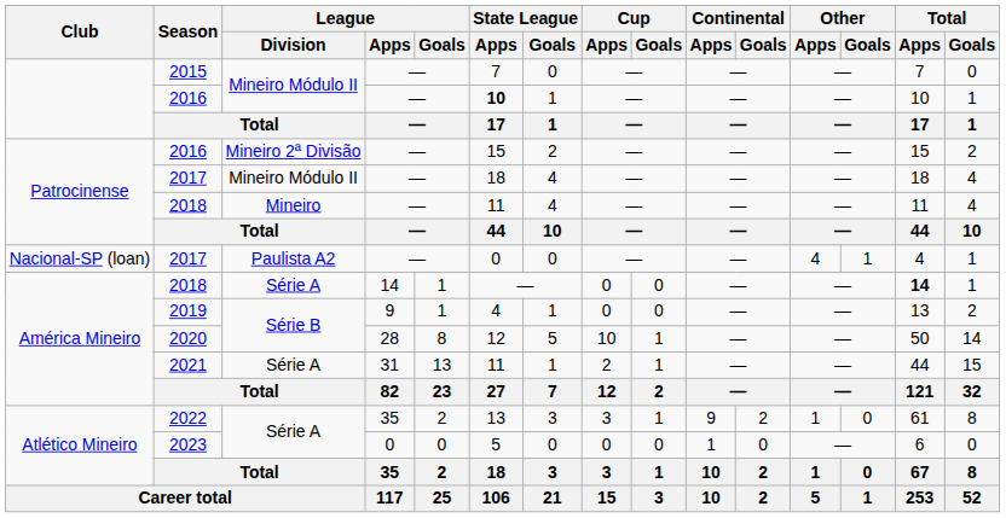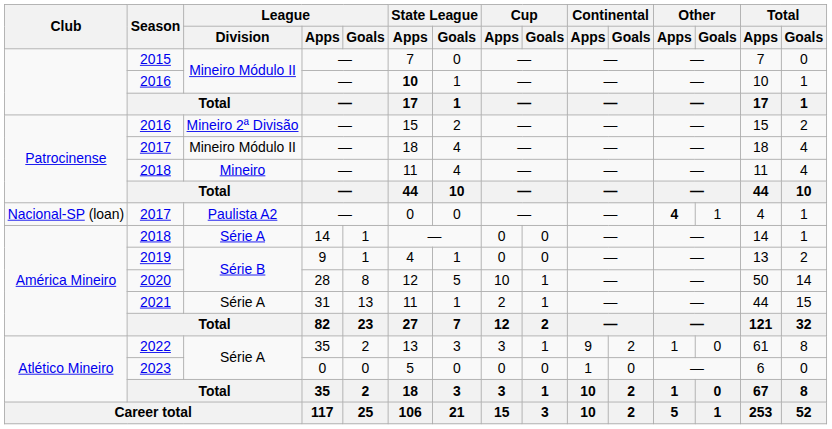 <table class="wikitable" style="text-align: center;">
 <tr>
 <th rowspan="2">Club</th>
 <th rowspan="2">Season</th>
 <th colspan="3">League</th>
 <th colspan="2">State League</th>
 <th colspan="2">Cup</th>
 <th colspan="2">Continental</th>
 <th colspan="2">Other</th>
 <th colspan="2">Total</th>
 </tr>
 <tr>
 <th>Division</th>
 <th>Apps</th>
 <th>Goals</th>
 <th>Apps</th>
 <th>Goals</th>
 <th>Apps</th>
 <th>Goals</th>
 <th>Apps</th>
 <th>Goals</th>
 <th>Apps</th>
 <th>Goals</th>
 <th>Apps</th>
 <th>Goals</th>
 </tr>
 <tr>
 <td rowspan="3" valign="center"></td>
 <td><a href='#'>2015</a></td>
 <td rowspan="2"><a href='#'>Mineiro Módulo II</a></td>
 <td colspan="2">—</td>
 <td>7</td>
 <td>0</td>
 <td colspan="2">—</td>
 <td colspan="2">—</td>
 <td colspan="2">—</td>
 <td>7</td>
 <td>0</td>
 </tr>
 <tr>
 <td><a href='#'>2016</a></td>
 <td colspan="2">—</td>
 <td><strong>10</strong></td>
 <td>1</td>
 <td colspan="2">—</td>
 <td colspan="2">—</td>
 <td colspan="2">—</td>
 <td>10</td>
 <td>1</td>
 </tr>
 <tr>
 <th colspan="2">Total</th>
 <th colspan="2">—</th>
 <th>17</th>
 <th>1</th>
 <th colspan="2">—</th>
 <th colspan="2">—</th>
 <th colspan="2">—</th>
 <th>17</th>
 <th>1</th>
 </tr>
 <tr>
 <td rowspan="4" valign="center"><a href='#'>Patrocinense</a></td>
 <td><a href='#'>2016</a></td>
 <td><a href='#'>Mineiro 2ª Divisão</a></td>
 <td colspan="2">—</td>
 <td>15</td>
 <td>2</td>
 <td colspan="2">—</td>
 <td colspan="2">—</td>
 <td colspan="2">—</td>
 <td>15</td>
 <td>2</td>
 </tr>
 <tr>
 <td><a href='#'>2017</a></td>
 <td>Mineiro Módulo II</td>
 <td colspan="2">—</td>
 <td>18</td>
 <td>4</td>
 <td colspan="2">—</td>
 <td colspan="2">—</td>
 <td colspan="2">—</td>
 <td>18</td>
 <td>4</td>
 </tr>
 <tr>
 <td><a href='#'>2018</a></td>
 <td><a href='#'>Mineiro</a></td>
 <td colspan="2">—</td>
 <td>11</td>
 <td>4</td>
 <td colspan="2">—</td>
 <td colspan="2">—</td>
 <td colspan="2">—</td>
 <td>11</td>
 <td>4</td>
 </tr>
 <tr>
 <th colspan="2">Total</th>
 <th colspan="2">—</th>
 <th>44</th>
 <th>10</th>
 <th colspan="2">—</th>
 <th colspan="2">—</th>
 <th colspan="2">—</th>
 <th>44</th>
 <th>10</th>
 </tr>
 <tr>
 <td valign="center"><a href='#'>Nacional-SP</a> (loan)</td>
 <td><a href='#'>2017</a></td>
 <td><a href='#'>Paulista A2</a></td>
 <td colspan="2">—</td>
 <td>0</td>
 <td>0</td>
 <td colspan="2">—</td>
 <td colspan="2">—</td>
-<td>4</td>
+<td><strong>4</strong></td>
 <td>1</td>
 <td>4</td>
 <td>1</td>
 </tr>
 <tr>
 <td rowspan="5" valign="center"><a href='#'>América Mineiro</a></td>
 <td><a href='#'>2018</a></td>
 <td><a href='#'>Série A</a></td>
 <td>14</td>
 <td>1</td>
 <td colspan="2">—</td>
 <td>0</td>
 <td>0</td>
 <td colspan="2">—</td>
 <td colspan="2">—</td>
-<td><strong>14</strong></td>
+<td>14</td>
 <td>1</td>
 </tr>
 <tr>
 <td><a href='#'>2019</a></td>
 <td rowspan="2"><a href='#'>Série B</a></td>
 <td>9</td>
 <td>1</td>
 <td>4</td>
 <td>1</td>
 <td>0</td>
 <td>0</td>
 <td colspan="2">—</td>
 <td colspan="2">—</td>
 <td>13</td>
 <td>2</td>
 </tr>
 <tr>
 <td><a href='#'>2020</a></td>
 <td>28</td>
 <td>8</td>
 <td>12</td>
 <td>5</td>
 <td>10</td>
 <td>1</td>
 <td colspan="2">—</td>
 <td colspan="2">—</td>
 <td>50</td>
 <td>14</td>
 </tr>
 <tr>
 <td><a href='#'>2021</a></td>
 <td>Série A</td>
 <td>31</td>
 <td>13</td>
 <td>11</td>
 <td>1</td>
 <td>2</td>
 <td>1</td>
 <td colspan="2">—</td>
 <td colspan="2">—</td>
 <td>44</td>
 <td>15</td>
 </tr>
 <tr>
 <th colspan="2">Total</th>
 <th>82</th>
 <th>23</th>
 <th>27</th>
 <th>7</th>
 <th>12</th>
 <th>2</th>
 <th colspan="2">—</th>
 <th colspan="2">—</th>
 <th>121</th>
 <th>32</th>
 </tr>
 <tr>
 <td rowspan="3" valign="center"><a href='#'>Atlético Mineiro</a></td>
 <td><a href='#'>2022</a></td>
 <td rowspan="2">Série A</td>
 <td>35</td>
 <td>2</td>
 <td>13</td>
 <td>3</td>
 <td>3</td>
 <td>1</td>
 <td>9</td>
 <td>2</td>
 <td>1</td>
 <td>0</td>
 <td>61</td>
 <td>8</td>
 </tr>
 <tr>
 <td><a href='#'>2023</a></td>
 <td>0</td>
 <td>0</td>
 <td>5</td>
 <td>0</td>
 <td>0</td>
 <td>0</td>
 <td>1</td>
 <td>0</td>
 <td colspan="2">—</td>
 <td>6</td>
 <td>0</td>
 </tr>
 <tr>
 <th colspan="2">Total</th>
 <th>35</th>
 <th>2</th>
 <th>18</th>
 <th>3</th>
 <th>3</th>
 <th>1</th>
 <th>10</th>
 <th>2</th>
 <th>1</th>
 <th>0</th>
 <th>67</th>
 <th>8</th>
 </tr>
 <tr>
 <th colspan="3"><strong>Career total</strong></th>
 <th>117</th>
 <th>25</th>
 <th>106</th>
 <th>21</th>
 <th>15</th>
 <th>3</th>
 <th>10</th>
 <th>2</th>
 <th>5</th>
 <th>1</th>
 <th>253</th>
 <th>52</th>
 </tr>
 </table>
